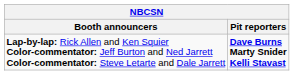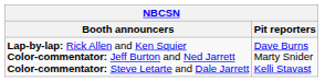 <table class="wikitable" style="font-size: 95%;">
 <tr>
 <th colspan="2"><a href='#'>NBCSN</a></th>
 </tr>
 <tr>
 <th>Booth announcers</th>
 <th>Pit reporters</th>
 </tr>
 <tr>
 <td><strong>Lap-by-lap:</strong>  <a href='#'>Rick Allen</a> and <a href='#'>Ken Squier</a><br><strong>Color-commentator:</strong> <a href='#'>Jeff Burton</a> and <a href='#'>Ned Jarrett</a><br><strong>Color-commentator:</strong> <a href='#'>Steve Letarte</a> and <a href='#'>Dale Jarrett</a></td>
-<td><strong><a href='#'>Dave Burns</a><br>Marty Snider<br><a href='#'>Kelli Stavast</a></strong></td>
+<td><a href='#'>Dave Burns</a><br>Marty Snider<br><a href='#'>Kelli Stavast</a></td>
 </tr>
 </table>
